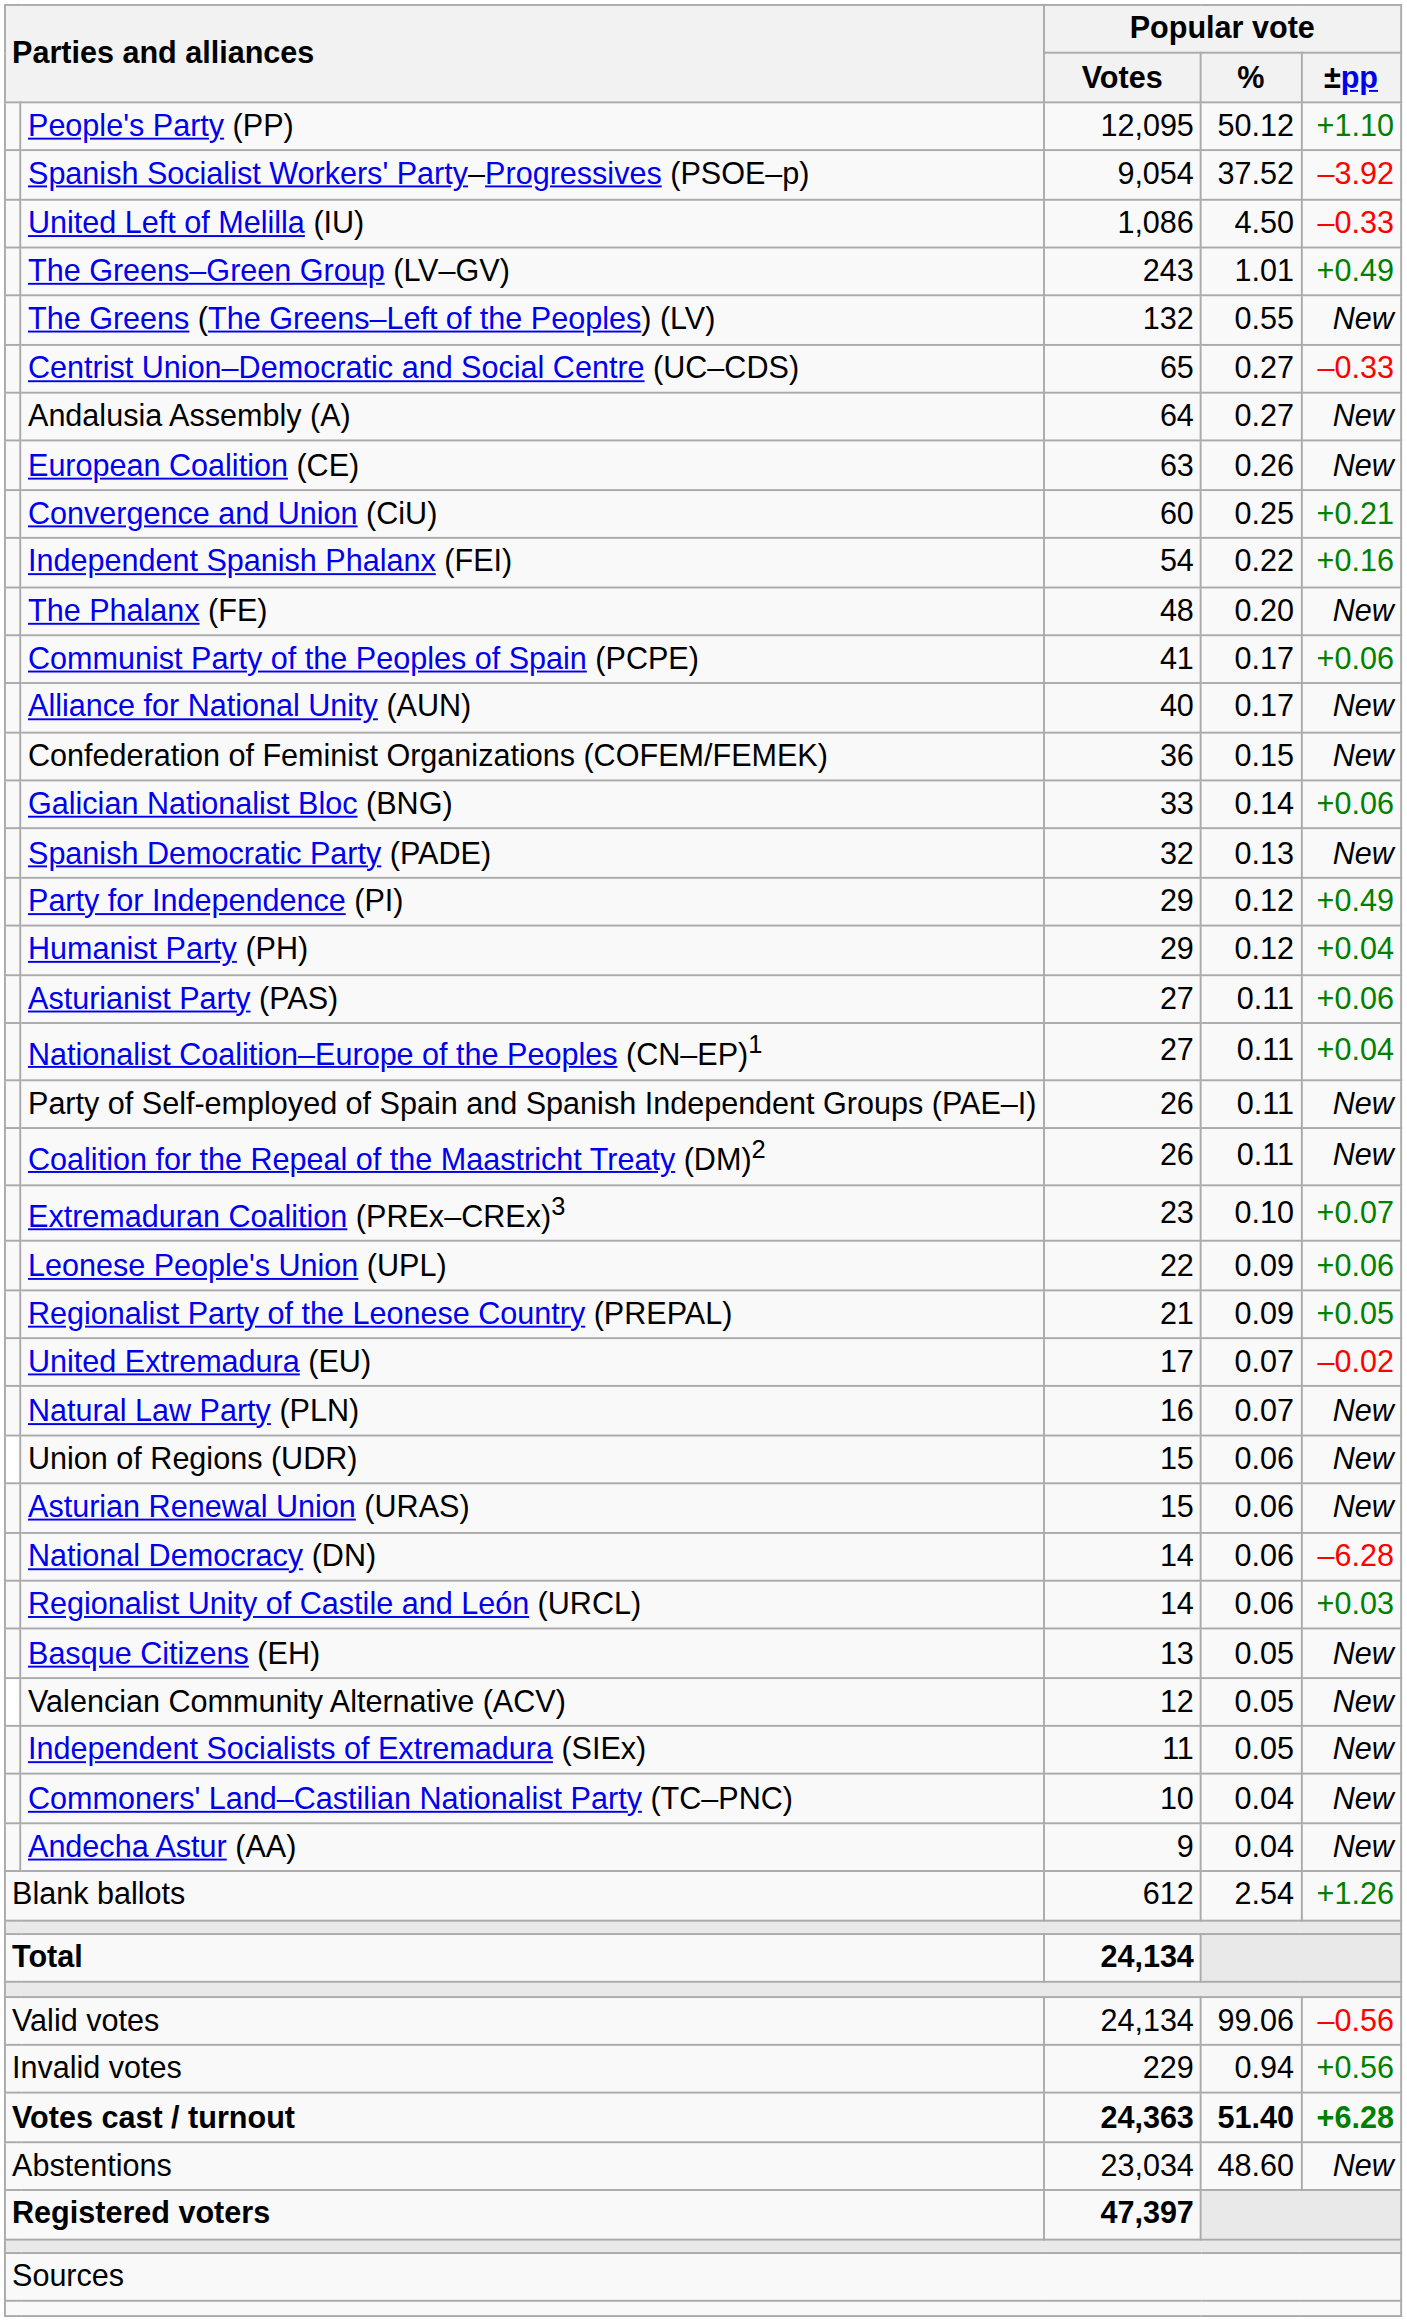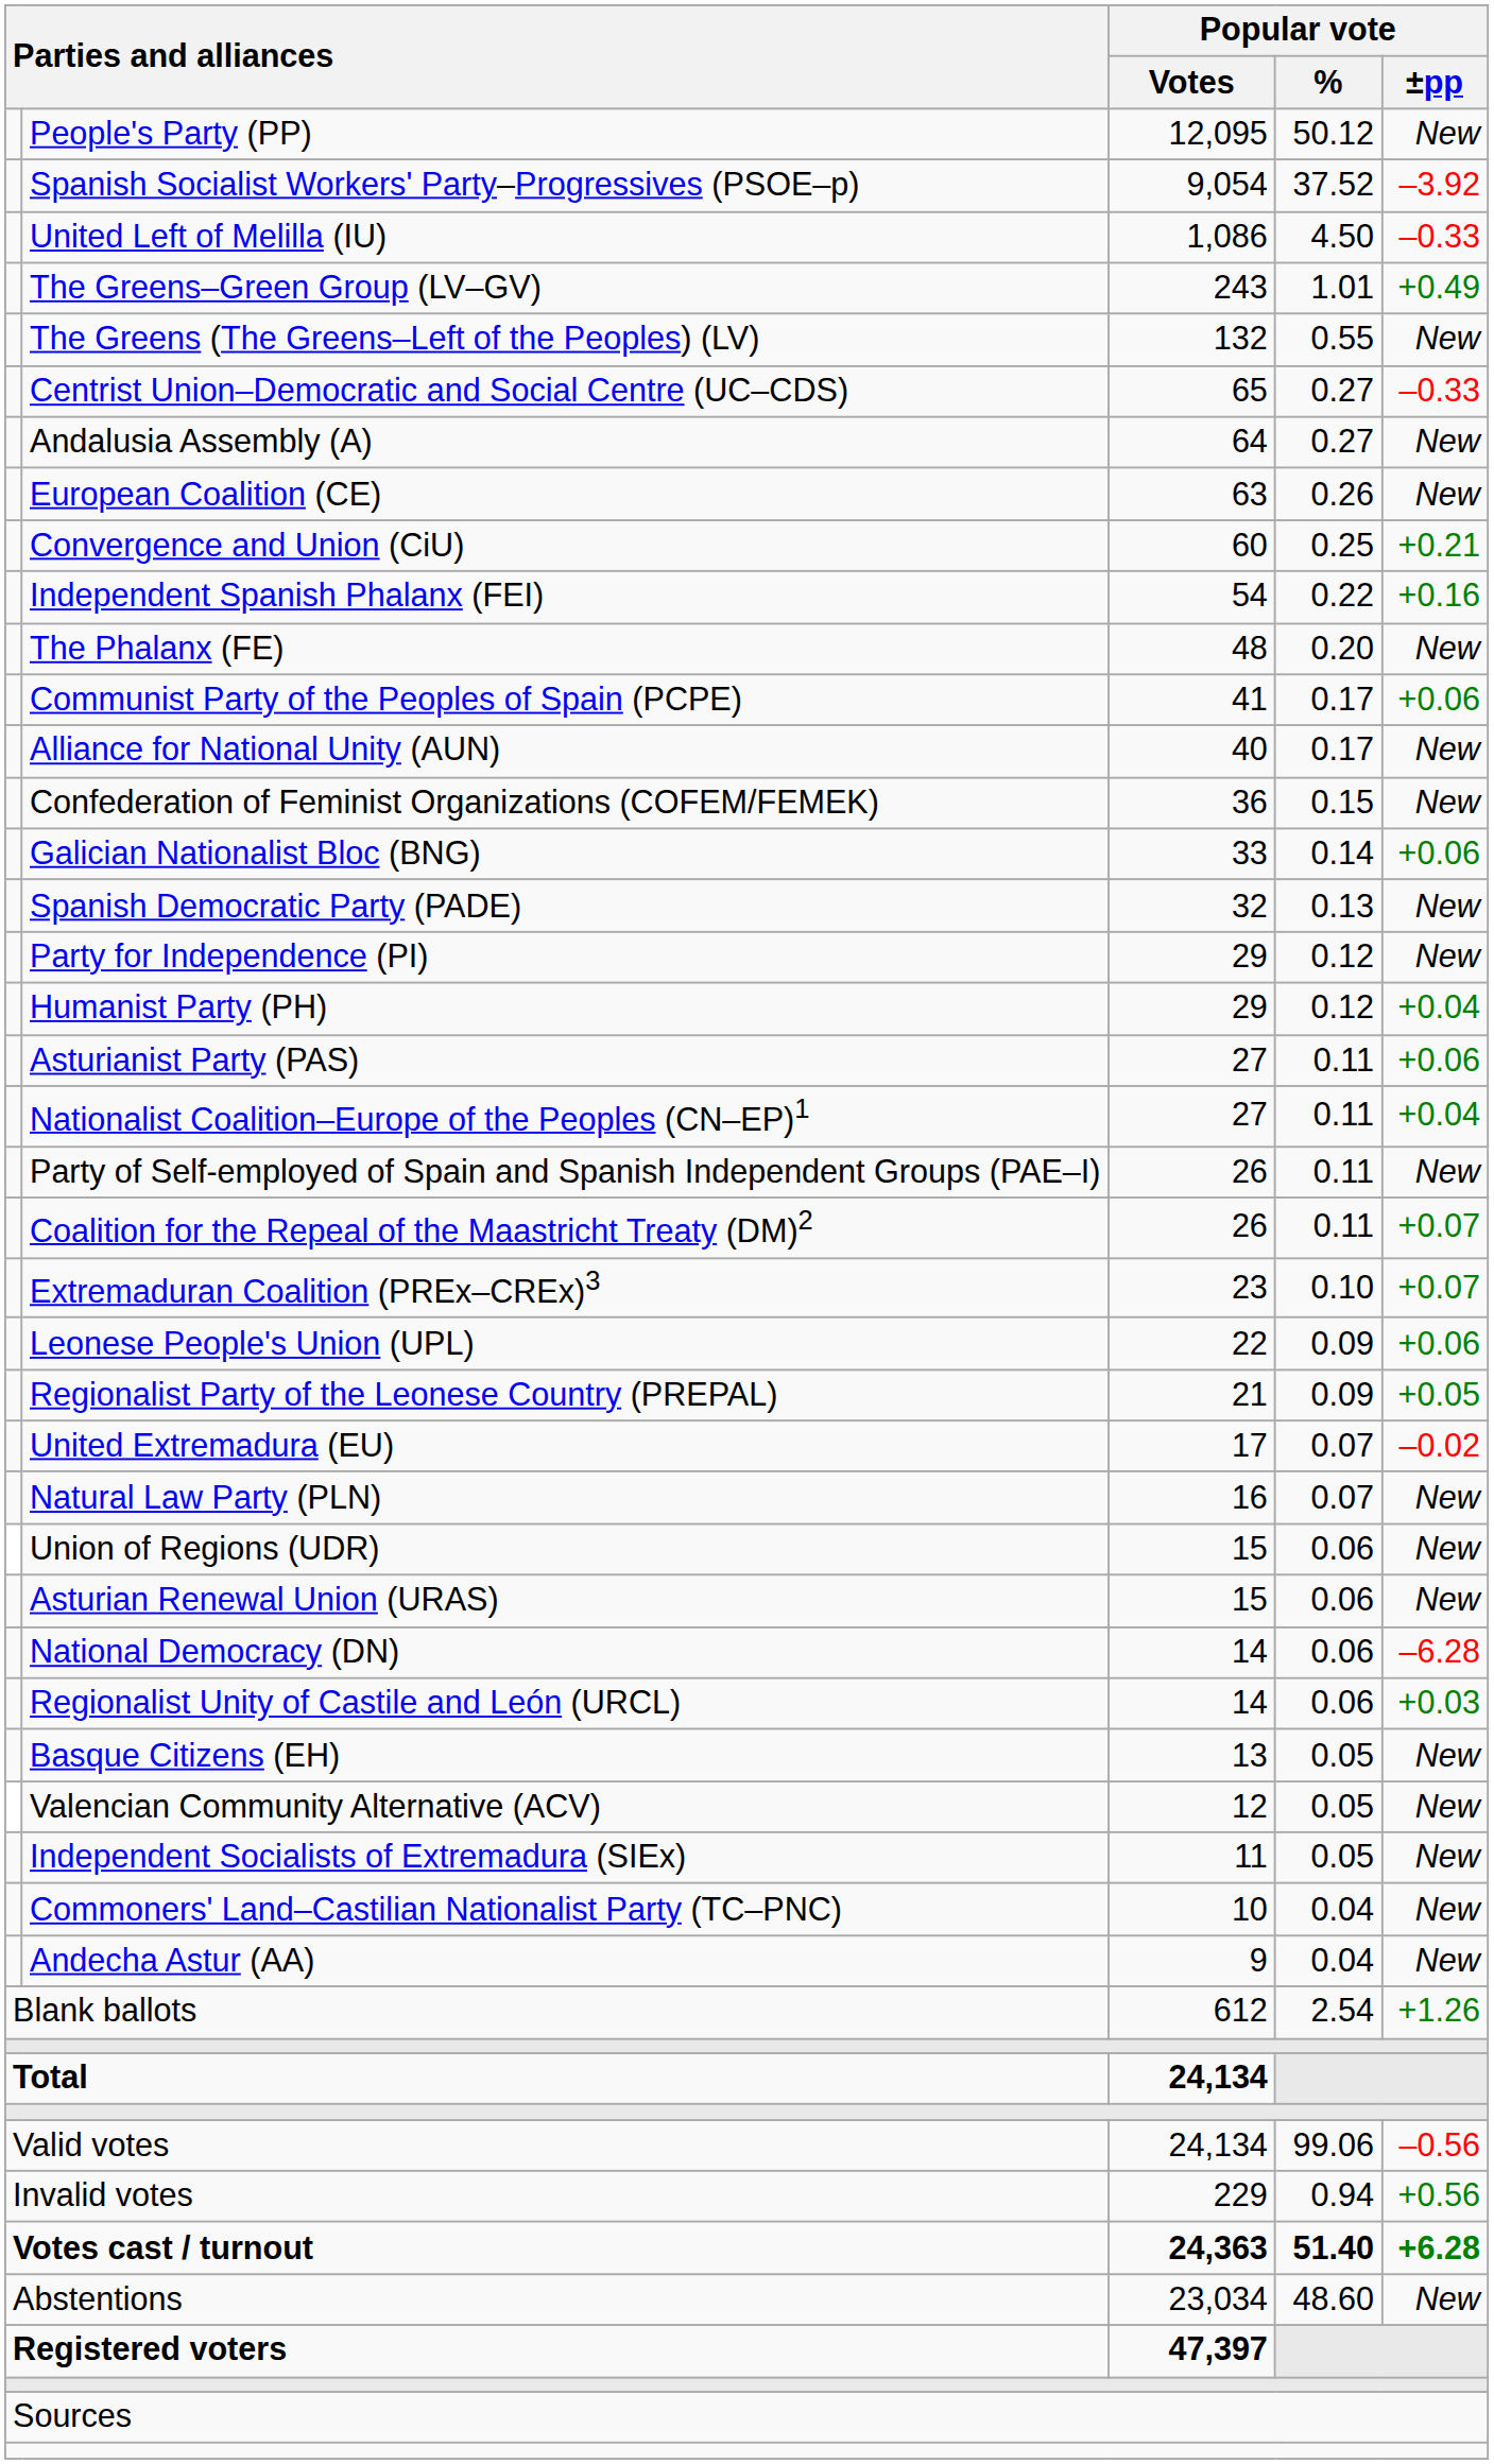 <table class="wikitable" style="text-align:right">
 <tr>
 <th style="text-align:left;" rowspan="2" colspan="2" width="525">Parties and alliances</th>
 <th colspan="3">Popular vote</th>
 </tr>
 <tr>
 <th width="75">Votes</th>
 <th width="45">%</th>
 <th width="45">±<a href='#'>pp</a></th>
 </tr>
 <tr>
 <td width="1" style="color:inherit;background:"></td>
 <td align="left"><a href='#'>People's Party</a> (PP)</td>
 <td>12,095</td>
 <td>50.12</td>
-<td style="color:green;">+1.10</td>
+<td><em>New</em></td>
 </tr>
 <tr>
 <td style="color:inherit;background:"></td>
 <td align="left"><a href='#'>Spanish Socialist Workers' Party</a>–<a href='#'>Progressives</a> (PSOE–p)</td>
 <td>9,054</td>
 <td>37.52</td>
 <td style="color:red;">–3.92</td>
 </tr>
 <tr>
 <td style="color:inherit;background:"></td>
 <td align="left"><a href='#'>United Left of Melilla</a> (IU)</td>
 <td>1,086</td>
 <td>4.50</td>
 <td style="color:red;">–0.33</td>
 </tr>
 <tr>
 <td style="color:inherit;background:"></td>
 <td align="left"><a href='#'>The Greens–Green Group</a> (LV–GV)</td>
 <td>243</td>
 <td>1.01</td>
 <td style="color:green;">+0.49</td>
 </tr>
 <tr>
 <td style="color:inherit;background:"></td>
 <td align="left"><a href='#'>The Greens</a> (<a href='#'>The Greens–Left of the Peoples</a>) (LV)</td>
 <td>132</td>
 <td>0.55</td>
 <td><em>New</em></td>
 </tr>
 <tr>
 <td style="color:inherit;background:"></td>
 <td align="left"><a href='#'>Centrist Union–Democratic and Social Centre</a> (UC–CDS)</td>
 <td>65</td>
 <td>0.27</td>
 <td style="color:red;">–0.33</td>
 </tr>
 <tr>
 <td style="color:inherit;background:"></td>
 <td align="left">Andalusia Assembly (A)</td>
 <td>64</td>
 <td>0.27</td>
 <td><em>New</em></td>
 </tr>
 <tr>
 <td style="color:inherit;background:"></td>
 <td align="left"><a href='#'>European Coalition</a> (CE)</td>
 <td>63</td>
 <td>0.26</td>
 <td><em>New</em></td>
 </tr>
 <tr>
 <td style="color:inherit;background:"></td>
 <td align="left"><a href='#'>Convergence and Union</a> (CiU)</td>
 <td>60</td>
 <td>0.25</td>
 <td style="color:green;">+0.21</td>
 </tr>
 <tr>
 <td style="color:inherit;background:"></td>
 <td align="left"><a href='#'>Independent Spanish Phalanx</a> (FEI)</td>
 <td>54</td>
 <td>0.22</td>
 <td style="color:green;">+0.16</td>
 </tr>
 <tr>
 <td style="color:inherit;background:"></td>
 <td align="left"><a href='#'>The Phalanx</a> (FE)</td>
 <td>48</td>
 <td>0.20</td>
 <td><em>New</em></td>
 </tr>
 <tr>
 <td style="color:inherit;background:"></td>
 <td align="left"><a href='#'>Communist Party of the Peoples of Spain</a> (PCPE)</td>
 <td>41</td>
 <td>0.17</td>
 <td style="color:green;">+0.06</td>
 </tr>
 <tr>
 <td style="color:inherit;background:"></td>
 <td align="left"><a href='#'>Alliance for National Unity</a> (AUN)</td>
 <td>40</td>
 <td>0.17</td>
 <td><em>New</em></td>
 </tr>
 <tr>
 <td style="color:inherit;background:"></td>
 <td align="left">Confederation of Feminist Organizations (COFEM/FEMEK)</td>
 <td>36</td>
 <td>0.15</td>
 <td><em>New</em></td>
 </tr>
 <tr>
 <td style="color:inherit;background:"></td>
 <td align="left"><a href='#'>Galician Nationalist Bloc</a> (BNG)</td>
 <td>33</td>
 <td>0.14</td>
 <td style="color:green;">+0.06</td>
 </tr>
 <tr>
 <td style="color:inherit;background:"></td>
 <td align="left"><a href='#'>Spanish Democratic Party</a> (PADE)</td>
 <td>32</td>
 <td>0.13</td>
 <td><em>New</em></td>
 </tr>
 <tr>
 <td style="color:inherit;background:"></td>
 <td align="left"><a href='#'>Party for Independence</a> (PI)</td>
 <td>29</td>
 <td>0.12</td>
-<td style="color:green;">+0.49</td>
+<td><em>New</em></td>
 </tr>
 <tr>
 <td style="color:inherit;background:"></td>
 <td align="left"><a href='#'>Humanist Party</a> (PH)</td>
 <td>29</td>
 <td>0.12</td>
 <td style="color:green;">+0.04</td>
 </tr>
 <tr>
 <td style="color:inherit;background:"></td>
 <td align="left"><a href='#'>Asturianist Party</a> (PAS)</td>
 <td>27</td>
 <td>0.11</td>
 <td style="color:green;">+0.06</td>
 </tr>
 <tr>
 <td style="color:inherit;background:"></td>
 <td align="left"><a href='#'>Nationalist Coalition–Europe of the Peoples</a> (CN–EP)<sup>1</sup></td>
 <td>27</td>
 <td>0.11</td>
 <td style="color:green;">+0.04</td>
 </tr>
 <tr>
 <td style="color:inherit;background:"></td>
 <td align="left">Party of Self-employed of Spain and Spanish Independent Groups (PAE–I)</td>
 <td>26</td>
 <td>0.11</td>
 <td><em>New</em></td>
 </tr>
 <tr>
 <td style="color:inherit;background:"></td>
 <td align="left"><a href='#'>Coalition for the Repeal of the Maastricht Treaty</a> (DM)<sup>2</sup></td>
 <td>26</td>
 <td>0.11</td>
-<td><em>New</em></td>
+<td style="color:green;">+0.07</td>
 </tr>
 <tr>
 <td style="color:inherit;background:"></td>
 <td align="left"><a href='#'>Extremaduran Coalition</a> (PREx–CREx)<sup>3</sup></td>
 <td>23</td>
 <td>0.10</td>
 <td style="color:green;">+0.07</td>
 </tr>
 <tr>
 <td style="color:inherit;background:"></td>
 <td align="left"><a href='#'>Leonese People's Union</a> (UPL)</td>
 <td>22</td>
 <td>0.09</td>
 <td style="color:green;">+0.06</td>
 </tr>
 <tr>
 <td style="color:inherit;background:"></td>
 <td align="left"><a href='#'>Regionalist Party of the Leonese Country</a> (PREPAL)</td>
 <td>21</td>
 <td>0.09</td>
 <td style="color:green;">+0.05</td>
 </tr>
 <tr>
 <td style="color:inherit;background:"></td>
 <td align="left"><a href='#'>United Extremadura</a> (EU)</td>
 <td>17</td>
 <td>0.07</td>
 <td style="color:red;">–0.02</td>
 </tr>
 <tr>
 <td style="color:inherit;background:"></td>
 <td align="left"><a href='#'>Natural Law Party</a> (PLN)</td>
 <td>16</td>
 <td>0.07</td>
 <td><em>New</em></td>
 </tr>
 <tr>
 <td bgcolor="white"></td>
 <td align="left">Union of Regions (UDR)</td>
 <td>15</td>
 <td>0.06</td>
 <td><em>New</em></td>
 </tr>
 <tr>
 <td style="color:inherit;background:"></td>
 <td align="left"><a href='#'>Asturian Renewal Union</a> (URAS)</td>
 <td>15</td>
 <td>0.06</td>
 <td><em>New</em></td>
 </tr>
 <tr>
 <td style="color:inherit;background:"></td>
 <td align="left"><a href='#'>National Democracy</a> (DN)</td>
 <td>14</td>
 <td>0.06</td>
 <td style="color:red;">–6.28</td>
 </tr>
 <tr>
 <td style="color:inherit;background:"></td>
 <td align="left"><a href='#'>Regionalist Unity of Castile and León</a> (URCL)</td>
 <td>14</td>
 <td>0.06</td>
 <td style="color:green;">+0.03</td>
 </tr>
 <tr>
 <td style="color:inherit;background:"></td>
 <td align="left"><a href='#'>Basque Citizens</a> (EH)</td>
 <td>13</td>
 <td>0.05</td>
 <td><em>New</em></td>
 </tr>
 <tr>
 <td bgcolor="white"></td>
 <td align="left">Valencian Community Alternative (ACV)</td>
 <td>12</td>
 <td>0.05</td>
 <td><em>New</em></td>
 </tr>
 <tr>
 <td style="color:inherit;background:"></td>
 <td align="left"><a href='#'>Independent Socialists of Extremadura</a> (SIEx)</td>
 <td>11</td>
 <td>0.05</td>
 <td><em>New</em></td>
 </tr>
 <tr>
 <td style="color:inherit;background:"></td>
 <td align="left"><a href='#'>Commoners' Land–Castilian Nationalist Party</a> (TC–PNC)</td>
 <td>10</td>
 <td>0.04</td>
 <td><em>New</em></td>
 </tr>
 <tr>
 <td style="color:inherit;background:"></td>
 <td align="left"><a href='#'>Andecha Astur</a> (AA)</td>
 <td>9</td>
 <td>0.04</td>
 <td><em>New</em></td>
 </tr>
 <tr>
 <td align="left" colspan="2">Blank ballots</td>
 <td>612</td>
 <td>2.54</td>
 <td style="color:green;">+1.26</td>
 </tr>
 <tr>
 <td colspan="5" bgcolor="#E9E9E9"></td>
 </tr>
 <tr style="font-weight:bold;">
 <td align="left" colspan="2">Total</td>
 <td>24,134</td>
 <td bgcolor="#E9E9E9" colspan="2"></td>
 </tr>
 <tr>
 <td colspan="5" bgcolor="#E9E9E9"></td>
 </tr>
 <tr>
 <td align="left" colspan="2">Valid votes</td>
 <td>24,134</td>
 <td>99.06</td>
 <td style="color:red;">–0.56</td>
 </tr>
 <tr>
 <td align="left" colspan="2">Invalid votes</td>
 <td>229</td>
 <td>0.94</td>
 <td style="color:green;">+0.56</td>
 </tr>
 <tr style="font-weight:bold;">
 <td align="left" colspan="2">Votes cast / turnout</td>
 <td>24,363</td>
 <td>51.40</td>
 <td style="color:green;">+6.28</td>
 </tr>
 <tr>
 <td align="left" colspan="2">Abstentions</td>
 <td>23,034</td>
 <td>48.60</td>
 <td><em>New</em></td>
 </tr>
 <tr style="font-weight:bold;">
 <td align="left" colspan="2">Registered voters</td>
 <td>47,397</td>
 <td bgcolor="#E9E9E9" colspan="2"></td>
 </tr>
 <tr>
 <td colspan="5" bgcolor="#E9E9E9"></td>
 </tr>
 <tr>
 <td align="left" colspan="5">Sources</td>
 </tr>
 <tr>
 <td colspan="5" style="text-align:left; max-width:680px;"></td>
 </tr>
 </table>
